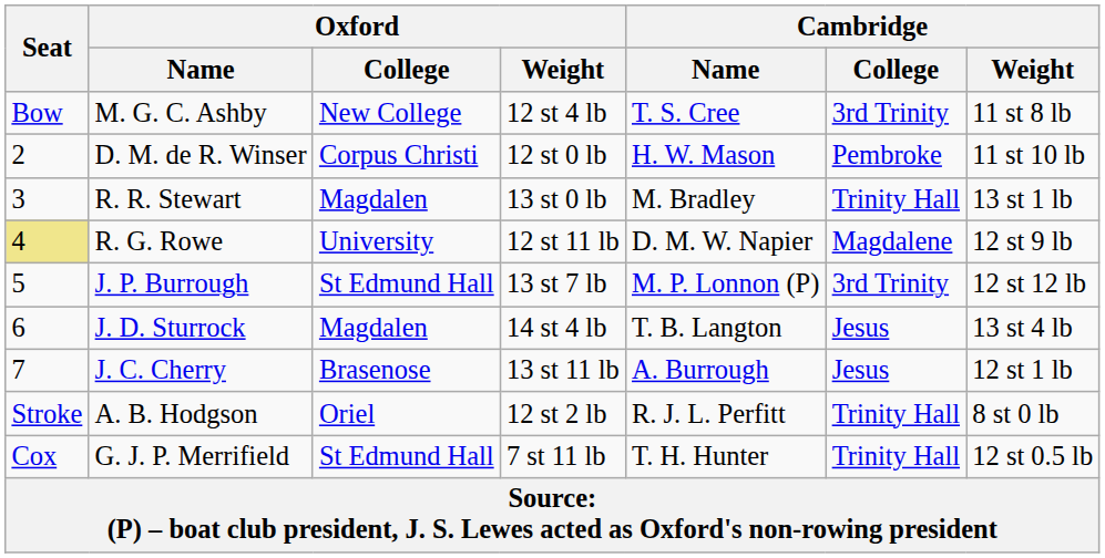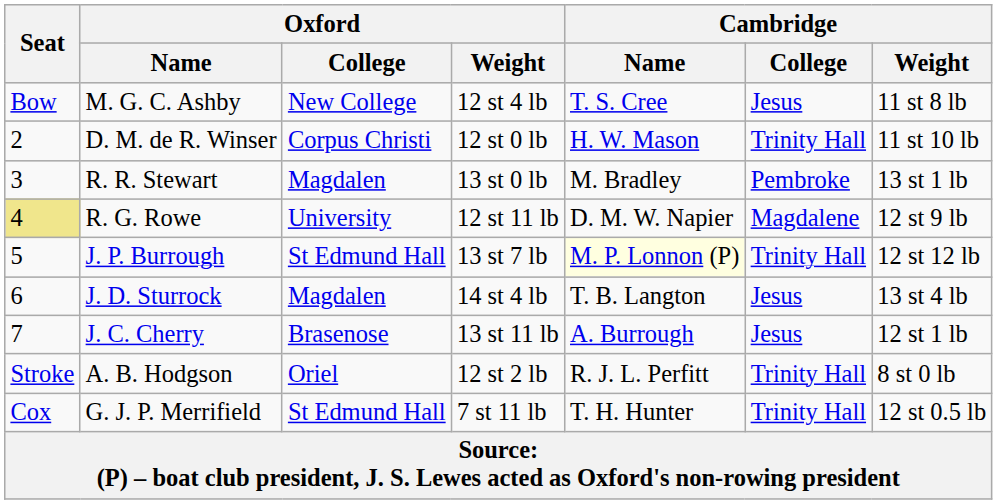 <table class="wikitable">
 <tr>
 <th rowspan="2" scope="col">Seat</th>
 <th colspan="3" scope="col">Oxford <br> </th>
 <th colspan="3" scope="col">Cambridge <br> </th>
 </tr>
 <tr>
 <th>Name</th>
 <th>College</th>
 <th>Weight</th>
 <th>Name</th>
 <th>College</th>
 <th>Weight</th>
 </tr>
 <tr>
 <td><a href='#'>Bow</a></td>
 <td>M. G. C. Ashby</td>
 <td><a href='#'>New College</a></td>
 <td>12 st 4 lb</td>
 <td><a href='#'>T. S. Cree</a></td>
-<td><a href='#'>3rd Trinity</a></td>
+<td><a href='#'>Jesus</a></td>
 <td>11 st 8 lb</td>
 </tr>
 <tr>
 <td>2</td>
 <td>D. M. de R. Winser</td>
 <td><a href='#'>Corpus Christi</a></td>
 <td>12 st 0 lb</td>
 <td><a href='#'>H. W. Mason</a></td>
-<td><a href='#'>Pembroke</a></td>
+<td><a href='#'>Trinity Hall</a></td>
 <td>11 st 10 lb</td>
 </tr>
 <tr>
 <td>3</td>
 <td>R. R. Stewart</td>
 <td><a href='#'>Magdalen</a></td>
 <td>13 st 0 lb</td>
 <td>M. Bradley</td>
-<td><a href='#'>Trinity Hall</a></td>
+<td><a href='#'>Pembroke</a></td>
 <td>13 st 1 lb</td>
 </tr>
 <tr>
 <td style="background: khaki;">4</td>
 <td>R. G. Rowe</td>
 <td><a href='#'>University</a></td>
 <td>12 st 11 lb</td>
 <td>D. M. W. Napier</td>
 <td><a href='#'>Magdalene</a></td>
 <td>12 st 9 lb</td>
 </tr>
 <tr>
 <td>5</td>
 <td><a href='#'>J. P. Burrough</a></td>
 <td><a href='#'>St Edmund Hall</a></td>
 <td>13 st 7 lb</td>
-<td><a href='#'>M. P. Lonnon</a> (P)</td>
-<td><a href='#'>3rd Trinity</a></td>
+<td style="background: lightyellow;"><a href='#'>M. P. Lonnon</a> (P)</td>
+<td><a href='#'>Trinity Hall</a></td>
 <td>12 st 12 lb</td>
 </tr>
 <tr>
 <td>6</td>
 <td><a href='#'>J. D. Sturrock</a></td>
 <td><a href='#'>Magdalen</a></td>
 <td>14 st 4 lb</td>
 <td>T. B. Langton</td>
 <td><a href='#'>Jesus</a></td>
 <td>13 st 4 lb</td>
 </tr>
 <tr>
 <td>7</td>
 <td><a href='#'>J. C. Cherry</a></td>
 <td><a href='#'>Brasenose</a></td>
 <td>13 st 11 lb</td>
 <td><a href='#'>A. Burrough</a></td>
 <td><a href='#'>Jesus</a></td>
 <td>12 st 1 lb</td>
 </tr>
 <tr>
 <td><a href='#'>Stroke</a></td>
 <td>A. B. Hodgson</td>
 <td><a href='#'>Oriel</a></td>
 <td>12 st 2 lb</td>
 <td>R. J. L. Perfitt</td>
 <td><a href='#'>Trinity Hall</a></td>
 <td>8 st 0 lb</td>
 </tr>
 <tr>
 <td><a href='#'>Cox</a></td>
 <td>G. J. P. Merrifield</td>
 <td><a href='#'>St Edmund Hall</a></td>
 <td>7 st 11 lb</td>
 <td>T. H. Hunter</td>
 <td><a href='#'>Trinity Hall</a></td>
 <td>12 st 0.5 lb</td>
 </tr>
 <tr>
 <th colspan="7">Source:<br>(P) – boat club president, J. S. Lewes acted as Oxford's non-rowing president</th>
 </tr>
 </table>
